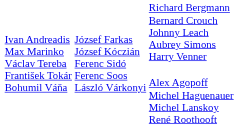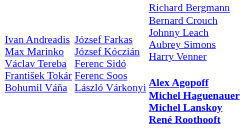 <table>
 <tr>
 <td rowspan=2></td>
 <td rowspan=2><br><a href='#'>Ivan Andreadis</a><br><a href='#'>Max Marinko</a><br><a href='#'>Václav Tereba</a><br><a href='#'>František Tokár</a><br><a href='#'>Bohumil Váňa</a></td>
 <td rowspan=2><br><a href='#'>József Farkas</a><br><a href='#'>József Kóczián</a><br><a href='#'>Ferenc Sidó</a><br><a href='#'>Ferenc Soos</a><br><a href='#'>László Várkonyi</a></td>
 <td><br><a href='#'>Richard Bergmann</a><br><a href='#'>Bernard Crouch</a><br><a href='#'>Johnny Leach</a><br><a href='#'>Aubrey Simons</a><br><a href='#'>Harry Venner</a></td>
 </tr>
 <tr>
-<td><br><a href='#'>Alex Agopoff</a><br><a href='#'>Michel Haguenauer</a><br><a href='#'>Michel Lanskoy</a><br><a href='#'>René Roothooft</a></td>
+<td><strong><br><a href='#'>Alex Agopoff</a><br><a href='#'>Michel Haguenauer</a><br><a href='#'>Michel Lanskoy</a><br><a href='#'>René Roothooft</a></strong></td>
 </tr>
 </table>
